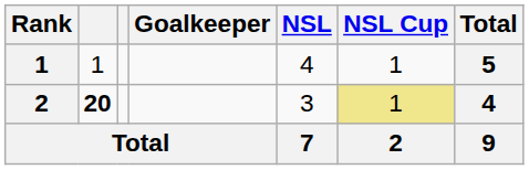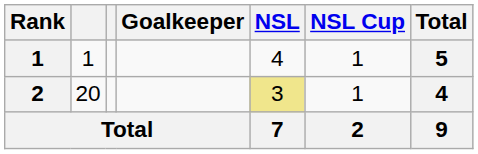 <table class="wikitable sortable" style="text-align:center">
 <tr>
 <th>Rank</th>
 <th></th>
 <th></th>
 <th>Goalkeeper</th>
 <th><a href='#'>NSL</a></th>
 <th><a href='#'>NSL Cup</a></th>
 <th>Total</th>
 </tr>
 <tr>
 <th>1</th>
 <td>1</td>
 <td></td>
 <td align="left"></td>
 <td>4</td>
 <td>1</td>
 <th>5</th>
 </tr>
 <tr>
 <th>2</th>
-<td><strong>20</strong></td>
+<td>20</td>
 <td></td>
 <td align="left"></td>
-<td>3</td>
-<td style="background: khaki;">1</td>
+<td style="background: khaki;">3</td>
+<td>1</td>
 <th>4</th>
 </tr>
 <tr>
 <th colspan="4">Total</th>
 <th>7</th>
 <th>2</th>
 <th>9</th>
 </tr>
 </table>
